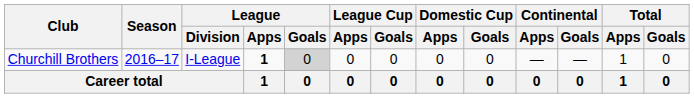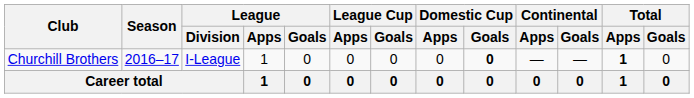 <table class="wikitable" style="text-align: center;">
 <tr>
 <th rowspan="2">Club</th>
 <th rowspan="2">Season</th>
 <th colspan="3">League</th>
 <th colspan="2">League Cup</th>
 <th colspan="2">Domestic Cup</th>
 <th colspan="2">Continental</th>
 <th colspan="2">Total</th>
 </tr>
 <tr>
 <th>Division</th>
 <th>Apps</th>
 <th>Goals</th>
 <th>Apps</th>
 <th>Goals</th>
 <th>Apps</th>
 <th>Goals</th>
 <th>Apps</th>
 <th>Goals</th>
 <th>Apps</th>
 <th>Goals</th>
 </tr>
 <tr>
 <td rowspan="1"><a href='#'>Churchill Brothers</a></td>
 <td><a href='#'>2016–17</a></td>
 <td><a href='#'>I-League</a></td>
-<td><strong>1</strong></td>
-<td style="background: lightgrey;">0</td>
+<td>1</td>
 <td>0</td>
 <td>0</td>
 <td>0</td>
 <td>0</td>
+<td><strong>0</strong></td>
 <td>—</td>
 <td>—</td>
-<td>1</td>
+<td><strong>1</strong></td>
 <td>0</td>
 </tr>
 <tr>
 <th colspan="3">Career total</th>
 <th>1</th>
 <th>0</th>
 <th>0</th>
 <th>0</th>
 <th>0</th>
 <th>0</th>
 <th>0</th>
 <th>0</th>
 <th>1</th>
 <th>0</th>
 </tr>
 </table>
